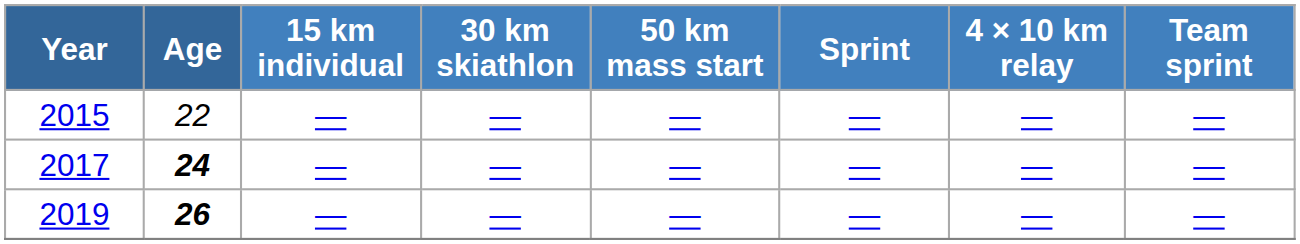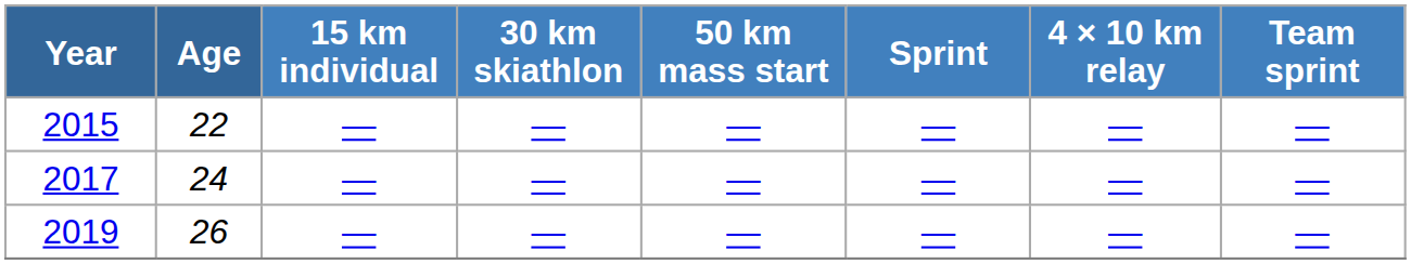 <table class="wikitable" style="font-size:95%; text-align:center; border:grey solid 1px; border-collapse:collapse; background:#ffffff;">
 <tr>
 <th style="background-color:#369; color:white; width:60px;"> Year </th>
 <th style="background-color:#369; color:white; width:40px;"> Age </th>
 <th style="background-color:#4180be; color:white; width:75px;"> 15 km <br> individual </th>
 <th style="background-color:#4180be; color:white; width:75px;"> 30 km <br> skiathlon </th>
 <th style="background-color:#4180be; color:white; width:75px;"> 50 km <br> mass start </th>
 <th style="background-color:#4180be; color:white; width:75px;"> Sprint </th>
 <th style="background-color:#4180be; color:white; width:75px;"> 4 × 10 km <br> relay </th>
 <th style="background-color:#4180be; color:white; width:75px;"> Team <br> sprint </th>
 </tr>
 <tr>
 <td><a href='#'>2015</a></td>
 <td><em>22</em></td>
 <td><a href='#'>—</a></td>
 <td><a href='#'>—</a></td>
 <td><a href='#'>—</a></td>
 <td><a href='#'>—</a></td>
 <td><a href='#'>—</a></td>
 <td><a href='#'>—</a></td>
 </tr>
 <tr>
 <td><a href='#'>2017</a></td>
-<td><strong><em>24</em></strong></td>
+<td><em>24</em></td>
 <td><a href='#'>—</a></td>
 <td><a href='#'>—</a></td>
 <td><a href='#'>—</a></td>
 <td><a href='#'>—</a></td>
 <td><a href='#'>—</a></td>
 <td><a href='#'>—</a></td>
 </tr>
 <tr>
 <td><a href='#'>2019</a></td>
-<td><strong><em>26</em></strong></td>
+<td><em>26</em></td>
 <td><a href='#'>—</a></td>
 <td><a href='#'>—</a></td>
 <td><a href='#'>—</a></td>
 <td><a href='#'>—</a></td>
 <td><a href='#'>—</a></td>
 <td><a href='#'>—</a></td>
 </tr>
 <tr>
 </tr>
 </table>
